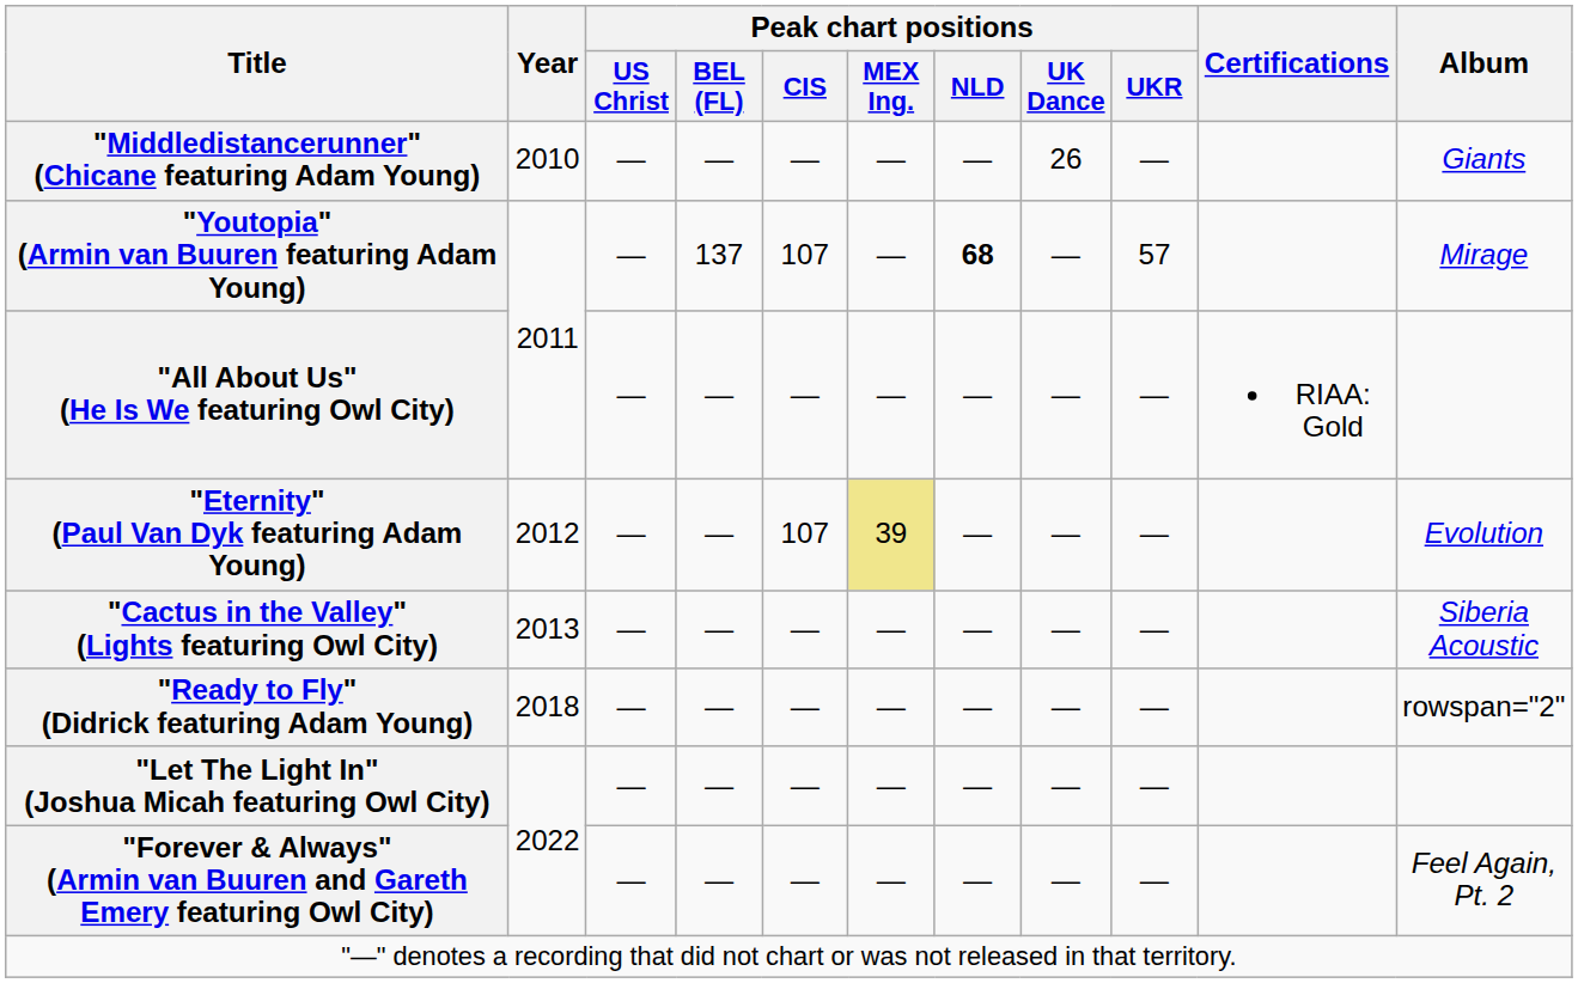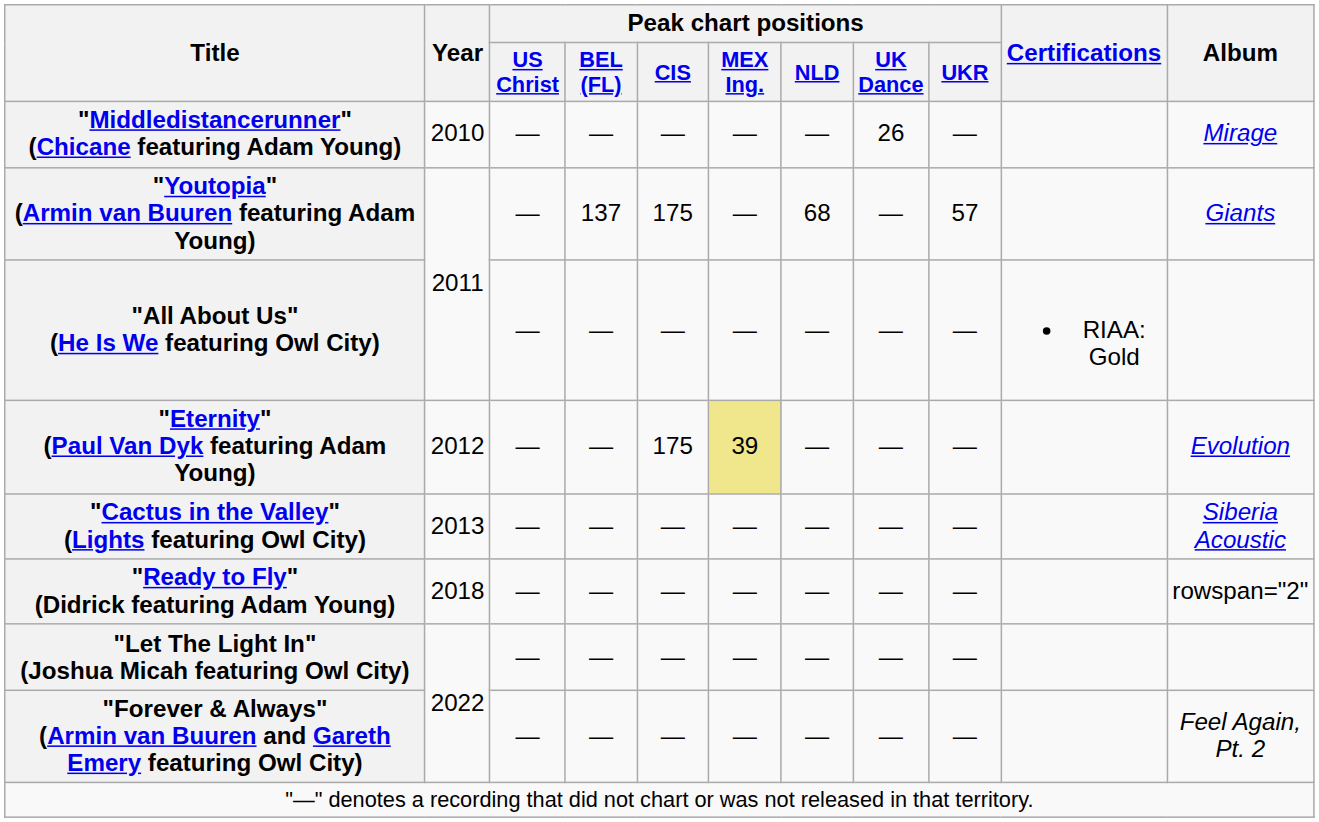 <table class="wikitable plainrowheaders" style="text-align:center;" border="1">
 <tr>
 <th scope="col" rowspan="2" style="width:18em;">Title</th>
 <th scope="col" rowspan="2">Year</th>
 <th scope="col" colspan="7">Peak chart positions</th>
 <th rowspan="2"><a href='#'>Certifications</a></th>
 <th rowspan="2" scope="col">Album</th>
 </tr>
 <tr>
 <th scope="col" style="width:3em;font-size:90%;"><a href='#'>US<br>Christ</a><br></th>
 <th scope="col" style="width:3em; font-size:90%;"><a href='#'>BEL<br>(FL)</a><br></th>
 <th scope="col" style="width:3em; font-size:90%;"><a href='#'>CIS</a><br></th>
 <th scope="col" style="width:3em;font-size:90%;"><a href='#'>MEX<br>Ing.</a><br></th>
 <th scope="col" style="width:3em;font-size:90%;"><a href='#'>NLD</a><br></th>
 <th scope="col" style="width:3em;font-size:90%;"><a href='#'>UK<br>Dance</a><br></th>
 <th scope="col" style="width:3em; font-size:90%;"><a href='#'>UKR</a><br></th>
 </tr>
 <tr>
 <th scope="row">"<a href='#'>Middledistancerunner</a>"<br><span>(<a href='#'>Chicane</a> featuring Adam Young)</span></th>
 <td>2010</td>
 <td>—</td>
 <td>—</td>
 <td>—</td>
 <td>—</td>
 <td>—</td>
 <td>26</td>
 <td>—</td>
 <td></td>
-<td><em><a href='#'>Giants</a></em></td>
+<td><em><a href='#'>Mirage</a></em></td>
 </tr>
 <tr>
 <th scope="row">"<a href='#'>Youtopia</a>"<br><span>(<a href='#'>Armin van Buuren</a> featuring Adam Young)</span></th>
 <td rowspan="2">2011</td>
 <td>—</td>
 <td>137</td>
-<td>107</td>
+<td>175</td>
 <td>—</td>
-<td><strong>68</strong></td>
+<td>68</td>
 <td>—</td>
 <td>57</td>
 <td></td>
-<td><em><a href='#'>Mirage</a></em></td>
+<td><em><a href='#'>Giants</a></em></td>
 </tr>
 <tr>
 <th scope="row">"All About Us"<br><span>(<a href='#'>He Is We</a> featuring Owl City)</span></th>
 <td>—</td>
 <td>—</td>
 <td>—</td>
 <td>—</td>
 <td>—</td>
 <td>—</td>
 <td>—</td>
 <td><br><ul><li>RIAA: Gold</li></ul></td>
 <td></td>
 </tr>
 <tr>
 <th scope="row">"<a href='#'>Eternity</a>"<br><span>(<a href='#'>Paul Van Dyk</a> featuring Adam Young)</span></th>
 <td>2012</td>
 <td>—</td>
 <td>—</td>
-<td>107</td>
+<td>175</td>
 <td style="background: khaki;">39</td>
 <td>—</td>
 <td>—</td>
 <td>—</td>
 <td></td>
 <td><em><a href='#'>Evolution</a></em></td>
 </tr>
 <tr>
 <th scope="row">"<a href='#'>Cactus in the Valley</a>"<br><span>(<a href='#'>Lights</a> featuring Owl City)</span></th>
 <td>2013</td>
 <td>—</td>
 <td>—</td>
 <td>—</td>
 <td>—</td>
 <td>—</td>
 <td>—</td>
 <td>—</td>
 <td></td>
 <td><em><a href='#'>Siberia Acoustic</a></em></td>
 </tr>
 <tr>
 <th scope="row">"<a href='#'>Ready to Fly</a>"<br><span>(Didrick featuring Adam Young)</span></th>
 <td>2018</td>
 <td>—</td>
 <td>—</td>
 <td>—</td>
 <td>—</td>
 <td>—</td>
 <td>—</td>
 <td>—</td>
 <td></td>
 <td>rowspan="2" </td>
 </tr>
 <tr>
 <th scope="row">"Let The Light In"<br><span>(Joshua Micah featuring Owl City)</span></th>
 <td rowspan="2">2022</td>
 <td>—</td>
 <td>—</td>
 <td>—</td>
 <td>—</td>
 <td>—</td>
 <td>—</td>
 <td>—</td>
 <td></td>
 </tr>
 <tr>
 <th scope="row">"Forever & Always" <br><span>(<a href='#'>Armin van Buuren</a> and <a href='#'>Gareth Emery</a> featuring Owl City)</span></th>
 <td>—</td>
 <td>—</td>
 <td>—</td>
 <td>—</td>
 <td>—</td>
 <td>—</td>
 <td>—</td>
 <td></td>
 <td><em>Feel Again, Pt. 2</em></td>
 </tr>
 <tr>
 <td colspan="12" style="font-size:90%">"—" denotes a recording that did not chart or was not released in that territory.</td>
 </tr>
 </table>
